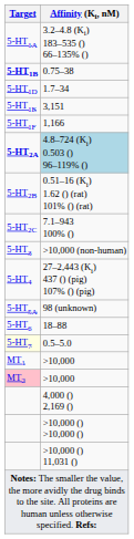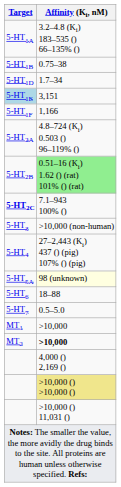 <table class="wikitable floatleft" style="font-size:small;">
 <tr>
 <th><a href='#'>Target</a></th>
 <th><a href='#'>Affinity</a> (K<sub>i</sub>, nM)</th>
 </tr>
 <tr>
 <td><a href='#'>5-HT<sub>1A</sub></a></td>
 <td>3.2–4.8 (K<sub>i</sub>)<br>183–535 ()<br>66–135% ()</td>
 </tr>
 <tr>
-<td><strong><a href='#'>5-HT<sub>1B</sub></a></strong></td>
+<td><a href='#'>5-HT<sub>1B</sub></a></td>
 <td>0.75–38</td>
 </tr>
 <tr>
 <td><a href='#'>5-HT<sub>1D</sub></a></td>
 <td>1.7–34</td>
 </tr>
 <tr>
-<td><a href='#'>5-HT<sub>1E</sub></a></td>
+<td style="background: lightblue;"><a href='#'>5-HT<sub>1E</sub></a></td>
 <td>3,151</td>
 </tr>
 <tr>
 <td><a href='#'>5-HT<sub>1F</sub></a></td>
 <td>1,166</td>
 </tr>
 <tr>
-<td><strong><a href='#'>5-HT<sub>2A</sub></a></strong></td>
-<td style="background: lightblue;">4.8–724 (K<sub>i</sub>)<br>0.503 ()<br>96–119% ()</td>
+<td><a href='#'>5-HT<sub>2A</sub></a></td>
+<td>4.8–724 (K<sub>i</sub>)<br>0.503 ()<br>96–119% ()</td>
 </tr>
 <tr>
 <td><a href='#'>5-HT<sub>2B</sub></a></td>
-<td>0.51–16 (K<sub>i</sub>)<br>1.62 () (rat)<br>101% () (rat)</td>
+<td style="background: lightgreen;">0.51–16 (K<sub>i</sub>)<br>1.62 () (rat)<br>101% () (rat)</td>
 </tr>
 <tr>
-<td><a href='#'>5-HT<sub>2C</sub></a></td>
+<td><strong><a href='#'>5-HT<sub>2C</sub></a></strong></td>
 <td>7.1–943<br>100% ()</td>
 </tr>
 <tr>
 <td><a href='#'>5-HT<sub>3</sub></a></td>
 <td>>10,000 (non-human)</td>
 </tr>
 <tr>
 <td><a href='#'>5-HT<sub>4</sub></a></td>
 <td>27–2,443 (K<sub>i</sub>)<br>437 () (pig)<br>107% () (pig)</td>
 </tr>
 <tr>
 <td><a href='#'>5-HT<sub>5A</sub></a></td>
-<td>98 (unknown)</td>
+<td style="background: lightyellow;">98 (unknown)</td>
 </tr>
 <tr>
 <td><a href='#'>5-HT<sub>6</sub></a></td>
 <td>18–88</td>
 </tr>
 <tr>
-<td style="background: lightyellow;"><a href='#'>5-HT<sub>7</sub></a></td>
+<td><a href='#'>5-HT<sub>7</sub></a></td>
 <td>0.5–5.0</td>
 </tr>
 <tr>
 <td><a href='#'>MT<sub>1</sub></a></td>
 <td>>10,000</td>
 </tr>
 <tr>
-<td style="background: pink;"><a href='#'>MT<sub>2</sub></a></td>
-<td>>10,000</td>
+<td><a href='#'>MT<sub>2</sub></a></td>
+<td><strong>>10,000</strong></td>
 </tr>
 <tr>
 <td></td>
 <td>4,000 ()<br>2,169 ()</td>
 </tr>
 <tr>
 <td></td>
-<td>>10,000 ()<br>>10,000 ()</td>
+<td style="background: khaki;">>10,000 ()<br>>10,000 ()</td>
 </tr>
 <tr>
 <td></td>
 <td>>10,000 ()<br>11,031 ()</td>
 </tr>
 <tr class="sortbottom">
 <td colspan="2" style="width: 1px; background-color:#eaecf0; text-align: center;"><strong>Notes:</strong> The smaller the value, the more avidly the drug binds to the site. All proteins are human unless otherwise specified. <strong>Refs:</strong> </td>
 </tr>
 </table>
